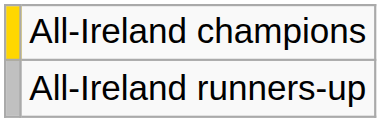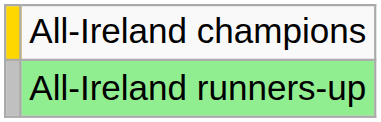 <table class="wikitable">
 <tr>
 <td style="background-color:#FFD700"></td>
 <td>All-Ireland champions</td>
 </tr>
 <tr>
 <td style="background-color:#C0C0C0"></td>
-<td>All-Ireland runners-up</td>
+<td style="background: lightgreen;">All-Ireland runners-up</td>
 </tr>
 </table>
